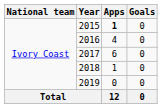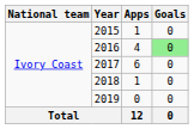 <table class="wikitable" style="text-align:center">
 <tr>
 <th>National team</th>
 <th>Year</th>
 <th>Apps</th>
 <th>Goals</th>
 </tr>
 <tr>
 <td rowspan="5"><a href='#'>Ivory Coast</a></td>
 <td>2015</td>
-<td><strong>1</strong></td>
+<td>1</td>
 <td>0</td>
 </tr>
 <tr>
 <td>2016</td>
 <td>4</td>
-<td>0</td>
+<td style="background: lightgreen;">0</td>
 </tr>
 <tr>
 <td>2017</td>
 <td>6</td>
 <td>0</td>
 </tr>
 <tr>
 <td>2018</td>
 <td>1</td>
 <td>0</td>
 </tr>
 <tr>
 <td>2019</td>
 <td>0</td>
 <td>0</td>
 </tr>
 <tr>
 <th colspan="2">Total</th>
 <th>12</th>
 <th>0</th>
 </tr>
 </table>
